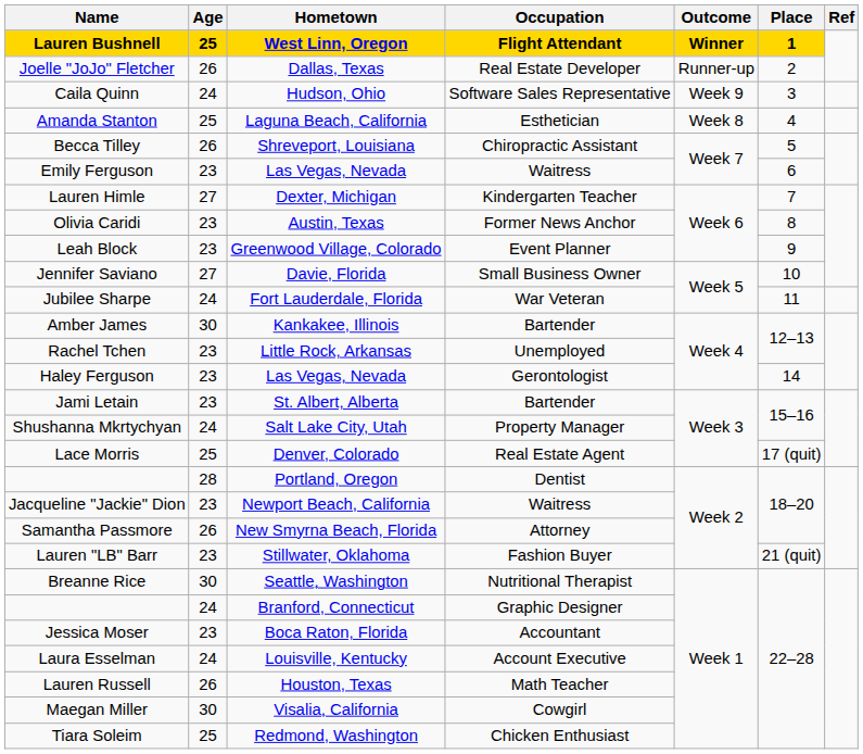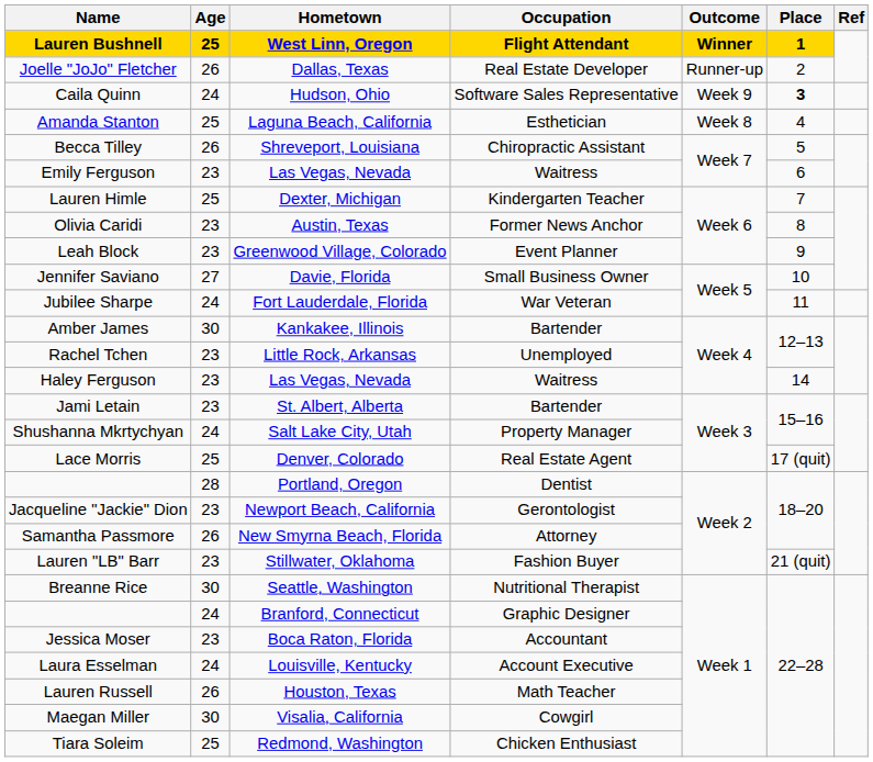 <table class="wikitable sortable" style="text-align:center;">
 <tr>
 <th>Name</th>
 <th>Age</th>
 <th>Hometown</th>
 <th>Occupation</th>
 <th>Outcome</th>
 <th>Place</th>
 <th>Ref</th>
 </tr>
 <tr>
 <td bgcolor="gold"><strong>Lauren Bushnell</strong></td>
 <td bgcolor="gold"><strong>25</strong></td>
 <td bgcolor="gold"><strong><a href='#'>West Linn, Oregon</a></strong></td>
 <td bgcolor="gold"><strong>Flight Attendant</strong></td>
 <td bgcolor="gold"><strong>Winner</strong></td>
 <td bgcolor="gold"><strong>1</strong></td>
 <td rowspan="2" align="center"></td>
 </tr>
 <tr>
 <td><a href='#'>Joelle "JoJo" Fletcher</a></td>
 <td>26</td>
 <td><a href='#'>Dallas, Texas</a></td>
 <td>Real Estate Developer</td>
 <td>Runner-up</td>
 <td>2</td>
 </tr>
 <tr>
 <td>Caila Quinn</td>
 <td>24</td>
 <td><a href='#'>Hudson, Ohio</a></td>
 <td>Software Sales Representative</td>
 <td>Week 9</td>
-<td>3</td>
+<td><strong>3</strong></td>
 <td align="center"></td>
 </tr>
 <tr>
 <td><a href='#'>Amanda Stanton</a></td>
 <td>25</td>
 <td><a href='#'>Laguna Beach, California</a></td>
 <td>Esthetician</td>
 <td>Week 8</td>
 <td>4</td>
 <td align="center"></td>
 </tr>
 <tr>
 <td>Becca Tilley</td>
 <td>26</td>
 <td><a href='#'>Shreveport, Louisiana</a></td>
 <td>Chiropractic Assistant</td>
 <td rowspan="2">Week 7</td>
 <td>5</td>
 <td rowspan="2" align="center"></td>
 </tr>
 <tr>
 <td>Emily Ferguson</td>
 <td>23</td>
 <td><a href='#'>Las Vegas, Nevada</a></td>
 <td>Waitress</td>
 <td>6</td>
 </tr>
 <tr>
 <td>Lauren Himle</td>
-<td>27</td>
+<td>25</td>
 <td><a href='#'>Dexter, Michigan</a></td>
 <td>Kindergarten Teacher</td>
 <td rowspan="3">Week 6</td>
 <td>7</td>
 <td rowspan="4" align="center"></td>
 </tr>
 <tr>
 <td>Olivia Caridi</td>
 <td>23</td>
 <td><a href='#'>Austin, Texas</a></td>
 <td>Former News Anchor</td>
 <td>8</td>
 </tr>
 <tr>
 <td>Leah Block</td>
 <td>23</td>
 <td><a href='#'>Greenwood Village, Colorado</a></td>
 <td>Event Planner</td>
 <td>9</td>
 </tr>
 <tr>
 <td>Jennifer Saviano</td>
 <td>27</td>
 <td><a href='#'>Davie, Florida</a></td>
 <td>Small Business Owner</td>
 <td rowspan="2">Week 5</td>
 <td>10</td>
 </tr>
 <tr>
 <td>Jubilee Sharpe</td>
 <td>24</td>
 <td><a href='#'>Fort Lauderdale, Florida</a></td>
 <td>War Veteran</td>
 <td>11</td>
 <td align="center"></td>
 </tr>
 <tr>
 <td>Amber James</td>
 <td>30</td>
 <td><a href='#'>Kankakee, Illinois</a></td>
 <td>Bartender</td>
 <td rowspan="3">Week 4</td>
 <td rowspan="2">12–13</td>
 <td rowspan="3" align="center"></td>
 </tr>
 <tr>
 <td>Rachel Tchen</td>
 <td>23</td>
 <td><a href='#'>Little Rock, Arkansas</a></td>
 <td>Unemployed</td>
 </tr>
 <tr>
 <td>Haley Ferguson</td>
 <td>23</td>
 <td><a href='#'>Las Vegas, Nevada</a></td>
-<td>Gerontologist</td>
+<td>Waitress</td>
 <td>14</td>
 </tr>
 <tr>
 <td>Jami Letain</td>
 <td>23</td>
 <td><a href='#'>St. Albert, Alberta</a></td>
 <td>Bartender</td>
 <td rowspan="3">Week 3</td>
 <td rowspan="2">15–16</td>
 <td rowspan="3" align="center"></td>
 </tr>
 <tr>
 <td>Shushanna Mkrtychyan</td>
 <td>24</td>
 <td><a href='#'>Salt Lake City, Utah</a></td>
 <td>Property Manager</td>
 </tr>
 <tr>
 <td>Lace Morris</td>
 <td>25</td>
 <td><a href='#'>Denver, Colorado</a></td>
 <td>Real Estate Agent</td>
 <td>17 (quit)</td>
 </tr>
 <tr>
 <td></td>
 <td>28</td>
 <td><a href='#'>Portland, Oregon</a></td>
 <td>Dentist</td>
 <td rowspan="4">Week 2</td>
 <td rowspan="3">18–20</td>
 <td rowspan="4" align="center"></td>
 </tr>
 <tr>
 <td>Jacqueline "Jackie" Dion</td>
 <td>23</td>
 <td><a href='#'>Newport Beach, California</a></td>
-<td>Waitress</td>
+<td>Gerontologist</td>
 </tr>
 <tr>
 <td>Samantha Passmore</td>
 <td>26</td>
 <td><a href='#'>New Smyrna Beach, Florida</a></td>
 <td>Attorney</td>
 </tr>
 <tr>
 <td>Lauren "LB" Barr</td>
 <td>23</td>
 <td><a href='#'>Stillwater, Oklahoma</a></td>
 <td>Fashion Buyer</td>
 <td>21 (quit)</td>
 </tr>
 <tr>
 <td>Breanne Rice</td>
 <td>30</td>
 <td><a href='#'>Seattle, Washington</a></td>
 <td>Nutritional Therapist</td>
 <td rowspan="7">Week 1</td>
 <td rowspan="7">22–28</td>
 <td rowspan=7 align="center"></td>
 </tr>
 <tr>
 <td></td>
 <td>24</td>
 <td><a href='#'>Branford, Connecticut</a></td>
 <td>Graphic Designer</td>
 </tr>
 <tr>
 <td>Jessica Moser</td>
 <td>23</td>
 <td><a href='#'>Boca Raton, Florida</a></td>
 <td>Accountant</td>
 </tr>
 <tr>
 <td>Laura Esselman</td>
 <td>24</td>
 <td><a href='#'>Louisville, Kentucky</a></td>
 <td>Account Executive</td>
 </tr>
 <tr>
 <td>Lauren Russell</td>
 <td>26</td>
 <td><a href='#'>Houston, Texas</a></td>
 <td>Math Teacher</td>
 </tr>
 <tr>
 <td>Maegan Miller</td>
 <td>30</td>
 <td><a href='#'>Visalia, California</a></td>
 <td>Cowgirl</td>
 </tr>
 <tr>
 <td>Tiara Soleim</td>
 <td>25</td>
 <td><a href='#'>Redmond, Washington</a></td>
 <td>Chicken Enthusiast</td>
 </tr>
 </table>
